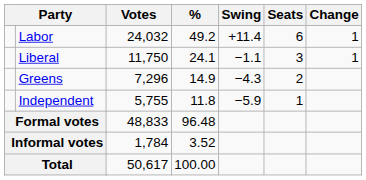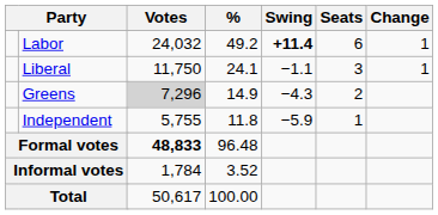 <table class="wikitable" style="text-align:right; margin-bottom:0">
 <tr>
 <th style="width:10px" colspan=3>Party</th>
 <th style="width:70px;">Votes</th>
 <th style="width:40px;">%</th>
 <th style="width:40px;">Swing</th>
 <th style="width:40px;">Seats</th>
 <th style="width:40px;">Change</th>
 </tr>
 <tr>
 <td> </td>
 <td style="text-align:left;" colspan="2"><a href='#'>Labor</a></td>
 <td>24,032</td>
 <td>49.2</td>
-<td>+11.4</td>
+<td><strong>+11.4</strong></td>
 <td>6</td>
 <td> 1</td>
 </tr>
 <tr>
 <td> </td>
 <td style="text-align:left;" colspan="2"><a href='#'>Liberal</a></td>
 <td>11,750</td>
 <td>24.1</td>
 <td>−1.1</td>
 <td>3</td>
 <td> 1</td>
 </tr>
 <tr>
 <td> </td>
 <td style="text-align:left;" colspan="2"><a href='#'>Greens</a></td>
-<td>7,296</td>
+<td style="background: lightgrey;">7,296</td>
 <td>14.9</td>
 <td>−4.3</td>
 <td>2</td>
 <td></td>
 </tr>
 <tr>
 <td> </td>
 <td style="text-align:left;" colspan="2"><a href='#'>Independent</a></td>
 <td>5,755</td>
 <td>11.8</td>
 <td>−5.9</td>
 <td>1</td>
 <td></td>
 </tr>
 <tr>
 <th colspan="3" rowspan="1"> Formal votes</th>
-<td>48,833</td>
+<td><strong>48,833</strong></td>
 <td>96.48</td>
 <td></td>
 <td></td>
 <td></td>
 </tr>
 <tr>
 <th colspan="3" rowspan="1"> Informal votes</th>
 <td>1,784</td>
 <td>3.52</td>
 <td></td>
 <td></td>
 <td></td>
 </tr>
 <tr>
 <th colspan="3" rowspan="1"> <strong>Total </strong></th>
 <td>50,617</td>
 <td>100.00</td>
 <td></td>
 <td></td>
 <td></td>
 </tr>
 </table>
